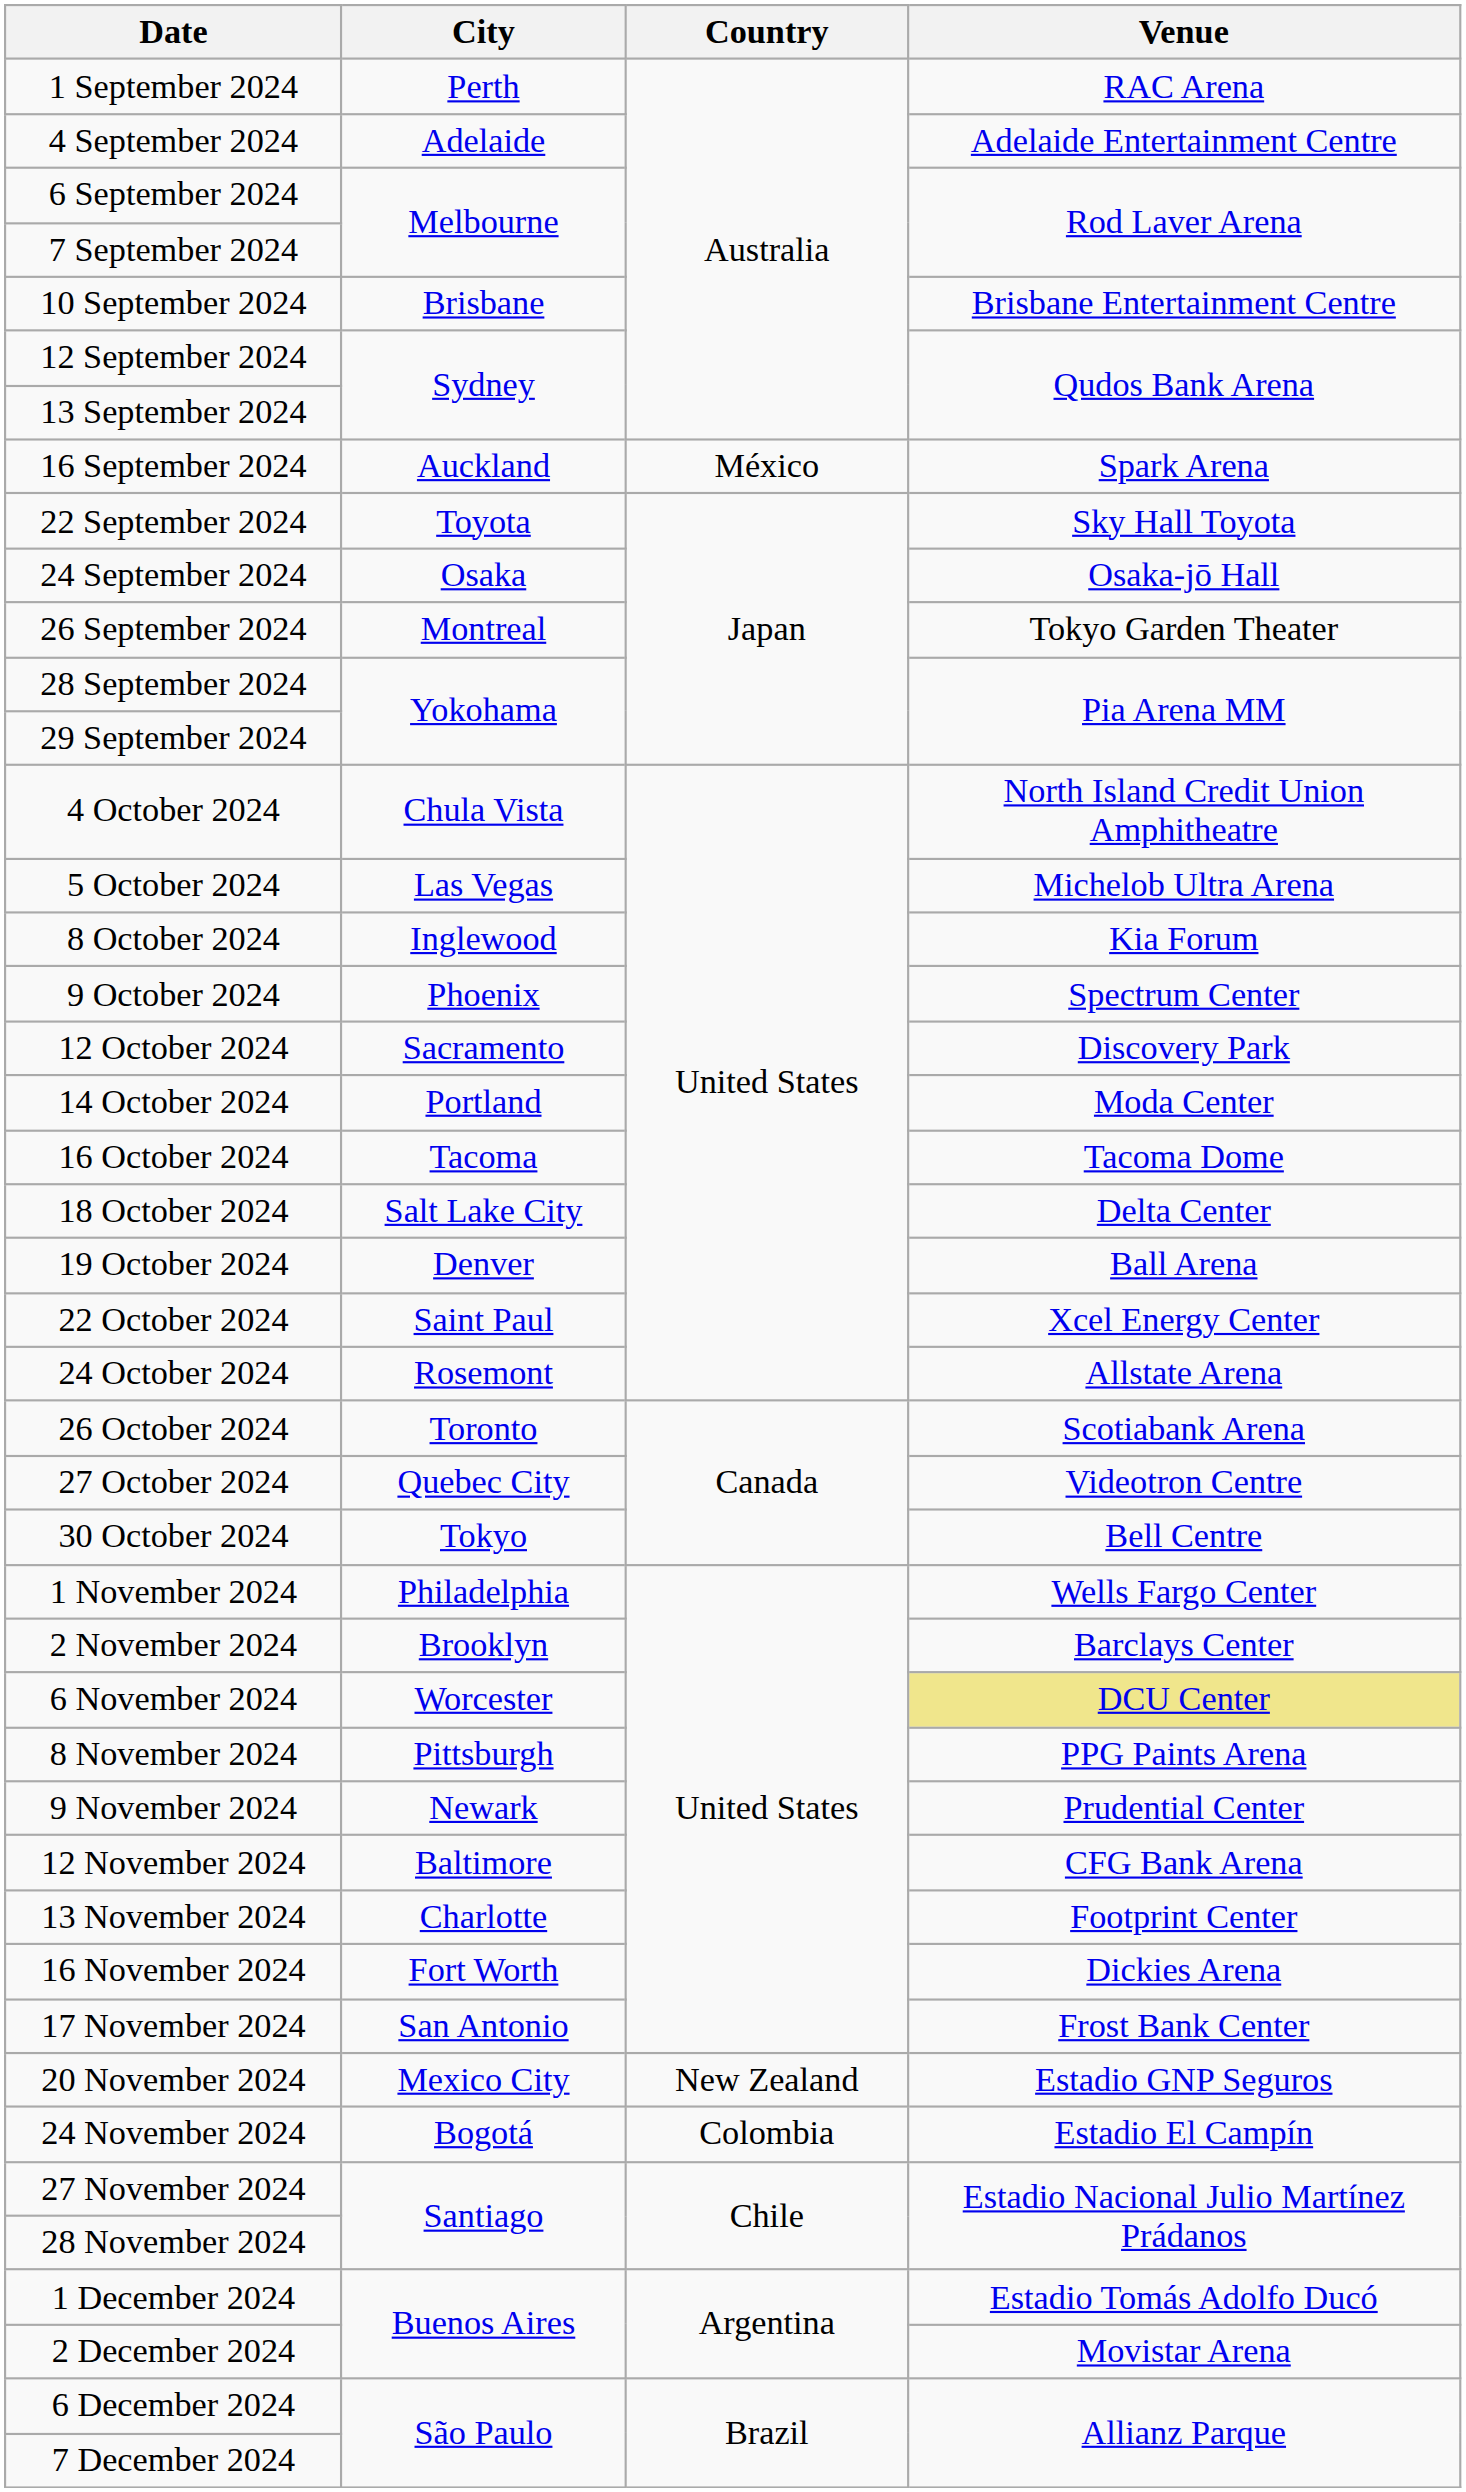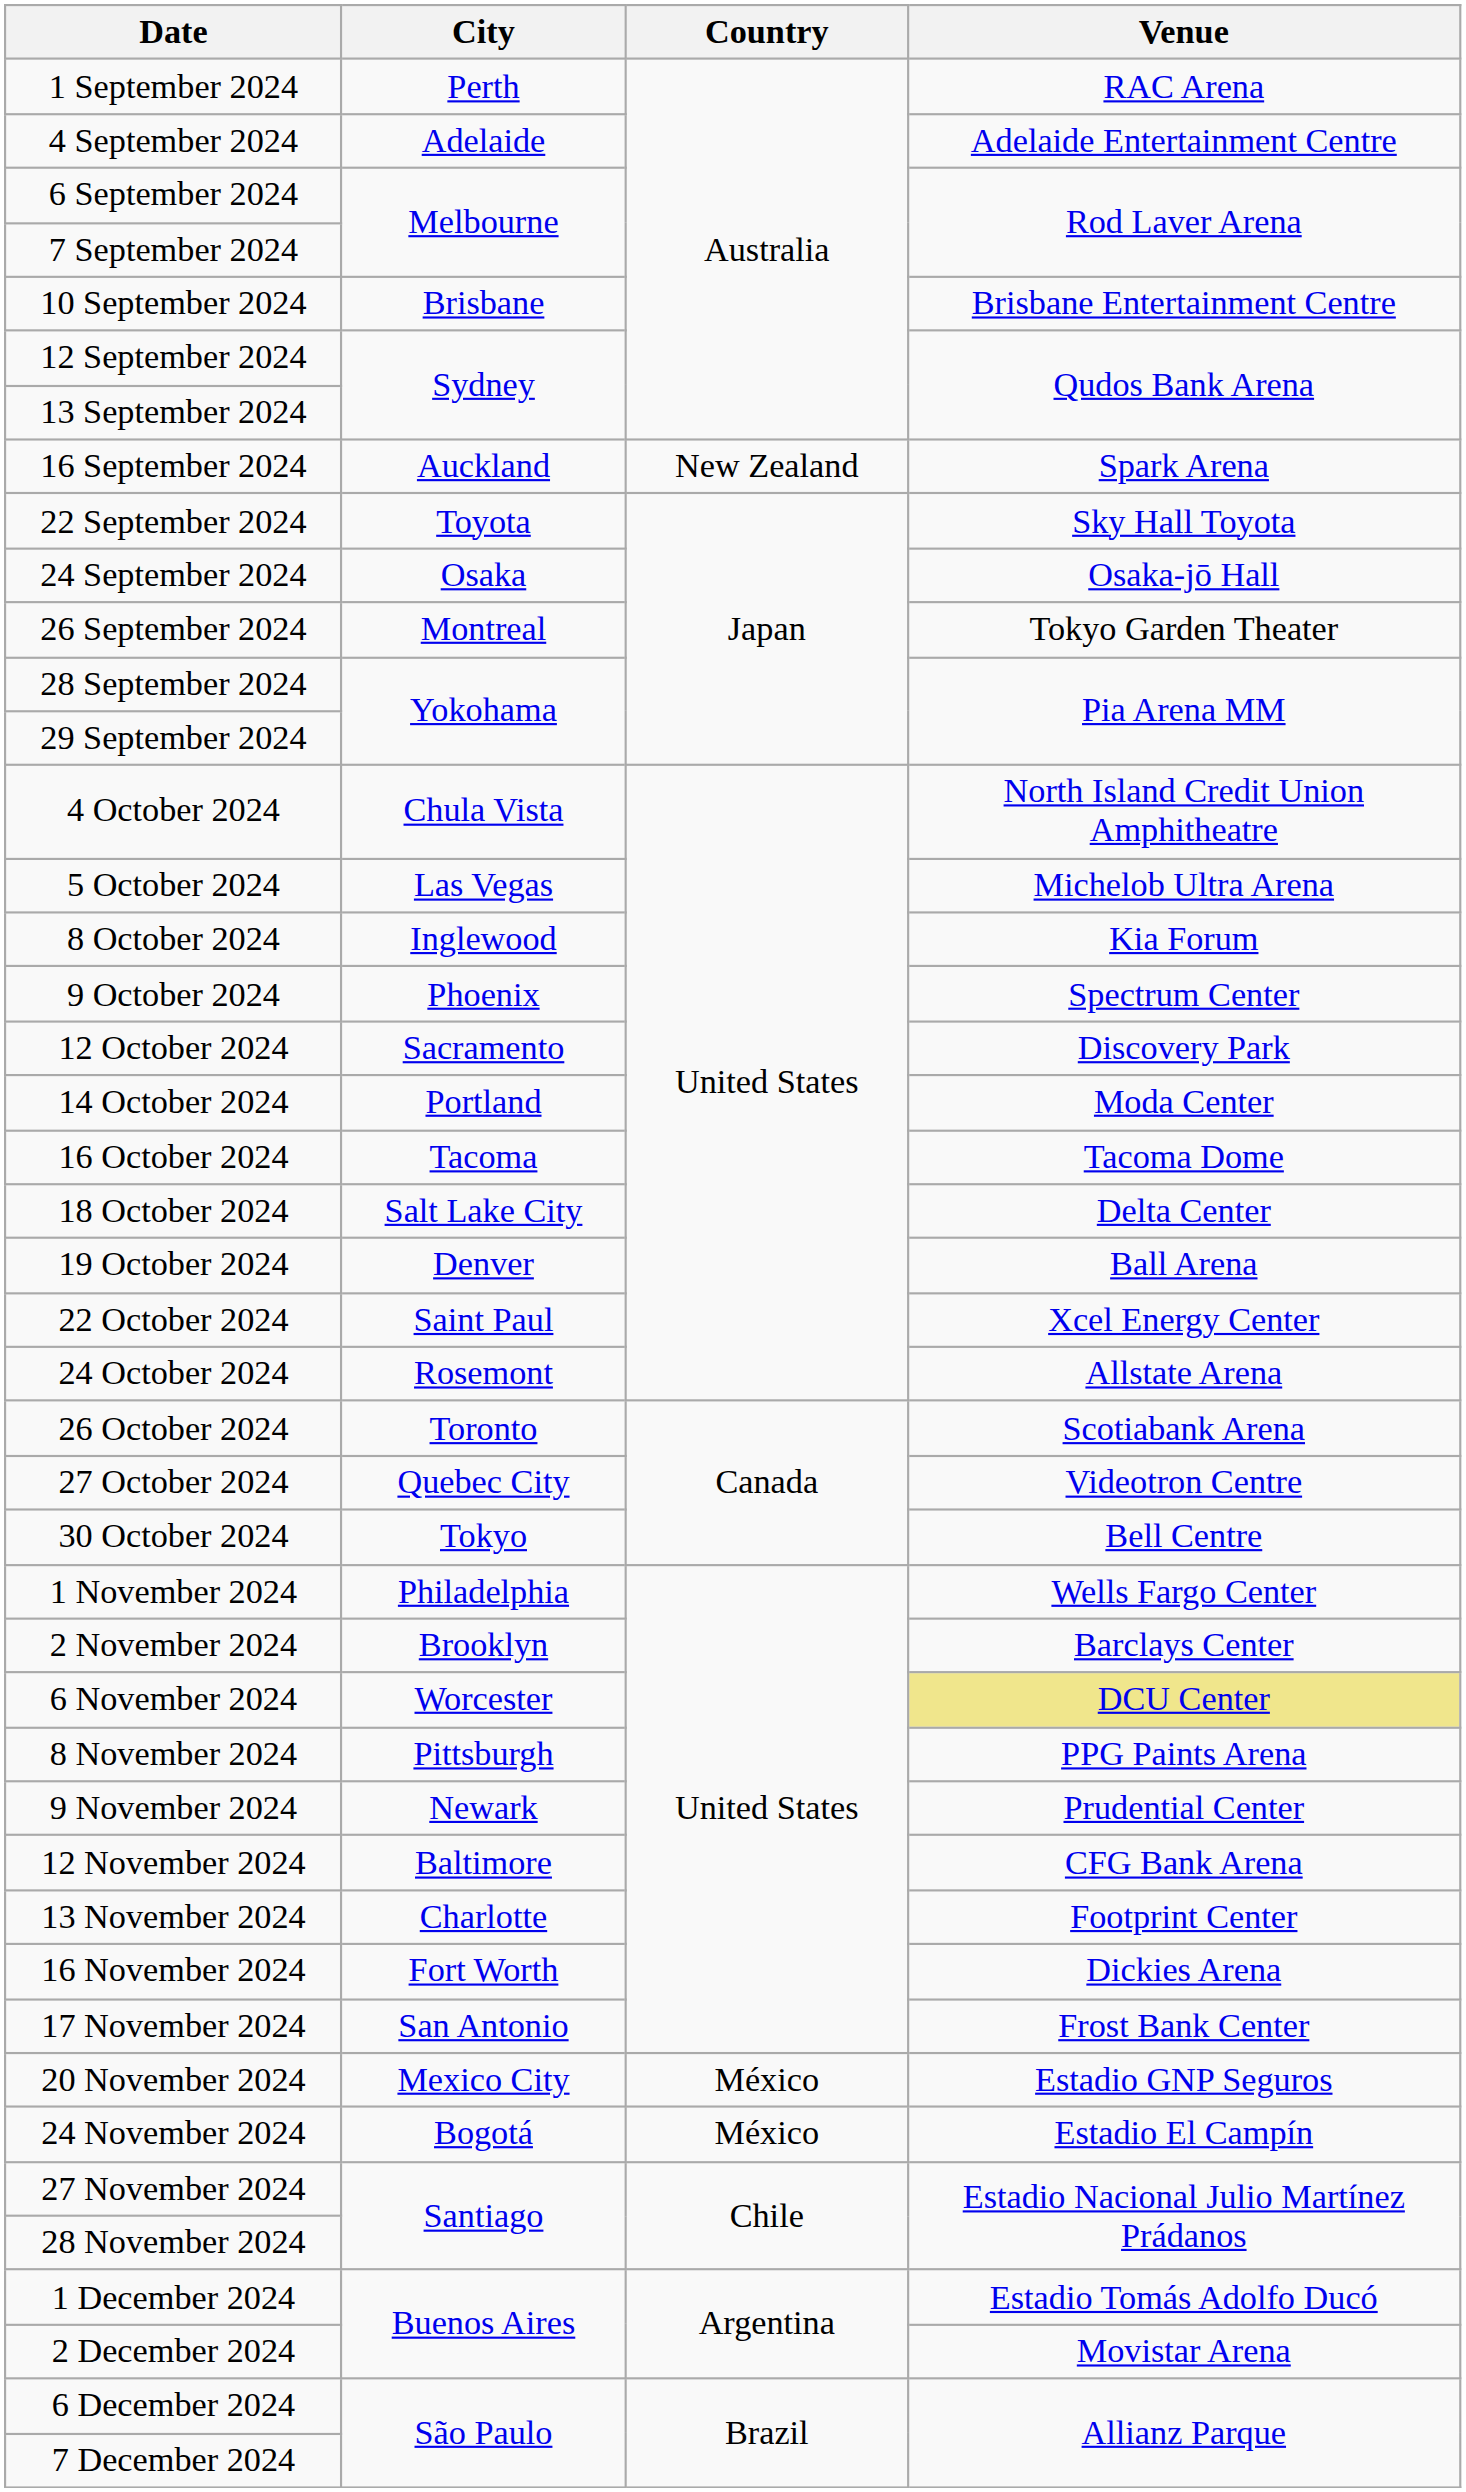 <table class="wikitable plainrowheaders" style="text-align:center;">
 <tr>
 <th width="150">Date</th>
 <th width="125">City</th>
 <th width="125">Country</th>
 <th width="250">Venue</th>
 </tr>
 <tr>
 <td>1 September 2024</td>
 <td><a href='#'>Perth</a></td>
 <td rowspan="7">Australia</td>
 <td><a href='#'>RAC Arena</a></td>
 </tr>
 <tr>
 <td>4 September 2024</td>
 <td><a href='#'>Adelaide</a></td>
 <td><a href='#'>Adelaide Entertainment Centre</a></td>
 </tr>
 <tr>
 <td>6 September 2024</td>
 <td rowspan="2"><a href='#'>Melbourne</a></td>
 <td rowspan="2"><a href='#'>Rod Laver Arena</a></td>
 </tr>
 <tr>
 <td>7 September 2024</td>
 </tr>
 <tr>
 <td>10 September 2024</td>
 <td><a href='#'>Brisbane</a></td>
 <td><a href='#'>Brisbane Entertainment Centre</a></td>
 </tr>
 <tr>
 <td>12 September 2024</td>
 <td rowspan="2"><a href='#'>Sydney</a></td>
 <td rowspan="2"><a href='#'>Qudos Bank Arena</a></td>
 </tr>
 <tr>
 <td>13 September 2024</td>
 </tr>
 <tr>
 <td>16 September 2024</td>
 <td><a href='#'>Auckland</a></td>
-<td rowspan="1">México</td>
+<td>New Zealand</td>
 <td><a href='#'>Spark Arena</a></td>
 </tr>
 <tr>
 <td>22 September 2024</td>
 <td><a href='#'>Toyota</a></td>
 <td rowspan="5">Japan</td>
 <td><a href='#'>Sky Hall Toyota</a></td>
 </tr>
 <tr>
 <td>24 September 2024</td>
 <td><a href='#'>Osaka</a></td>
 <td><a href='#'>Osaka-jō Hall</a></td>
 </tr>
 <tr>
 <td>26 September 2024</td>
 <td><a href='#'>Montreal</a></td>
 <td>Tokyo Garden Theater</td>
 </tr>
 <tr>
 <td>28 September 2024</td>
 <td rowspan="2"><a href='#'>Yokohama</a></td>
 <td rowspan="2"><a href='#'>Pia Arena MM</a></td>
 </tr>
 <tr>
 <td>29 September 2024</td>
 </tr>
 <tr>
 <td>4 October 2024</td>
 <td><a href='#'>Chula Vista</a></td>
 <td rowspan="11">United States</td>
 <td><a href='#'>North Island Credit Union Amphitheatre</a></td>
 </tr>
 <tr>
 <td>5 October 2024</td>
 <td><a href='#'>Las Vegas</a></td>
 <td><a href='#'>Michelob Ultra Arena</a></td>
 </tr>
 <tr>
 <td>8 October 2024</td>
 <td><a href='#'>Inglewood</a></td>
 <td><a href='#'>Kia Forum</a></td>
 </tr>
 <tr>
 <td>9 October 2024</td>
 <td><a href='#'>Phoenix</a></td>
 <td><a href='#'>Spectrum Center</a></td>
 </tr>
 <tr>
 <td>12 October 2024 </td>
 <td><a href='#'>Sacramento</a></td>
 <td><a href='#'>Discovery Park</a></td>
 </tr>
 <tr>
 <td>14 October 2024</td>
 <td><a href='#'>Portland</a></td>
 <td><a href='#'>Moda Center</a></td>
 </tr>
 <tr>
 <td>16 October 2024</td>
 <td><a href='#'>Tacoma</a></td>
 <td><a href='#'>Tacoma Dome</a></td>
 </tr>
 <tr>
 <td>18 October 2024</td>
 <td><a href='#'>Salt Lake City</a></td>
 <td><a href='#'>Delta Center</a></td>
 </tr>
 <tr>
 <td>19 October 2024</td>
 <td><a href='#'>Denver</a></td>
 <td><a href='#'>Ball Arena</a></td>
 </tr>
 <tr>
 <td>22 October 2024</td>
 <td><a href='#'>Saint Paul</a></td>
 <td><a href='#'>Xcel Energy Center</a></td>
 </tr>
 <tr>
 <td>24 October 2024</td>
 <td><a href='#'>Rosemont</a></td>
 <td><a href='#'>Allstate Arena</a></td>
 </tr>
 <tr>
 <td>26 October 2024</td>
 <td><a href='#'>Toronto</a></td>
 <td rowspan="3">Canada</td>
 <td><a href='#'>Scotiabank Arena</a></td>
 </tr>
 <tr>
 <td>27 October 2024</td>
 <td><a href='#'>Quebec City</a></td>
 <td><a href='#'>Videotron Centre</a></td>
 </tr>
 <tr>
 <td>30 October 2024</td>
 <td><a href='#'>Tokyo</a></td>
 <td><a href='#'>Bell Centre</a></td>
 </tr>
 <tr>
 <td>1 November 2024</td>
 <td><a href='#'>Philadelphia</a></td>
 <td rowspan="9">United States</td>
 <td><a href='#'>Wells Fargo Center</a></td>
 </tr>
 <tr>
 <td>2 November 2024</td>
 <td><a href='#'>Brooklyn</a></td>
 <td><a href='#'>Barclays Center</a></td>
 </tr>
 <tr>
 <td>6 November 2024</td>
 <td><a href='#'>Worcester</a></td>
 <td style="background: khaki;"><a href='#'>DCU Center</a></td>
 </tr>
 <tr>
 <td>8 November 2024</td>
 <td><a href='#'>Pittsburgh</a></td>
 <td><a href='#'>PPG Paints Arena</a></td>
 </tr>
 <tr>
 <td>9 November 2024</td>
 <td><a href='#'>Newark</a></td>
 <td><a href='#'>Prudential Center</a></td>
 </tr>
 <tr>
 <td>12 November 2024</td>
 <td><a href='#'>Baltimore</a></td>
 <td><a href='#'>CFG Bank Arena</a></td>
 </tr>
 <tr>
 <td>13 November 2024</td>
 <td><a href='#'>Charlotte</a></td>
 <td><a href='#'>Footprint Center</a></td>
 </tr>
 <tr>
 <td>16 November 2024</td>
 <td><a href='#'>Fort Worth</a></td>
 <td><a href='#'>Dickies Arena</a></td>
 </tr>
 <tr>
 <td>17 November 2024</td>
 <td><a href='#'>San Antonio</a></td>
 <td><a href='#'>Frost Bank Center</a></td>
 </tr>
 <tr>
 <td>20 November 2024</td>
 <td rowspan="1"><a href='#'>Mexico City</a></td>
-<td>New Zealand</td>
+<td rowspan="1">México</td>
 <td rowspan="1"><a href='#'>Estadio GNP Seguros</a></td>
 </tr>
 <tr>
 <td>24 November 2024</td>
 <td rowspan="1"><a href='#'>Bogotá</a></td>
-<td rowspan="1">Colombia</td>
+<td rowspan="1">México</td>
 <td rowspan="1"><a href='#'>Estadio El Campín</a></td>
 </tr>
 <tr>
 <td>27 November 2024</td>
 <td rowspan="2"><a href='#'>Santiago</a></td>
 <td rowspan="2">Chile</td>
 <td rowspan="2"><a href='#'>Estadio Nacional Julio Martínez Prádanos</a></td>
 </tr>
 <tr>
 <td>28 November 2024</td>
 </tr>
 <tr>
 <td>1 December 2024</td>
 <td rowspan="2"><a href='#'>Buenos Aires</a></td>
 <td rowspan="2">Argentina</td>
 <td rowspan="1"><a href='#'>Estadio Tomás Adolfo Ducó</a></td>
 </tr>
 <tr>
 <td>2 December 2024</td>
 <td rowspan="1"><a href='#'>Movistar Arena</a></td>
 </tr>
 <tr>
 <td>6 December 2024</td>
 <td rowspan="2"><a href='#'>São Paulo</a></td>
 <td rowspan="2">Brazil</td>
 <td rowspan="2"><a href='#'>Allianz Parque</a></td>
 </tr>
 <tr>
 <td>7 December 2024</td>
 </tr>
 </table>
